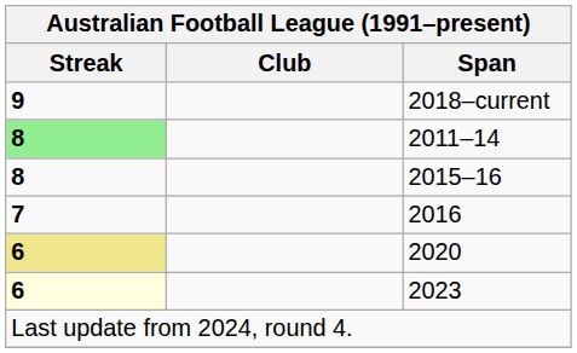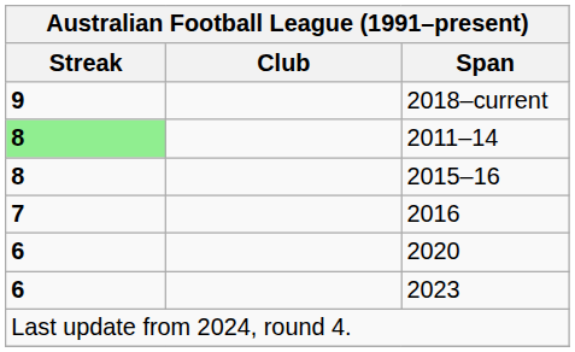 <table class="wikitable">
 <tr>
 <th colspan=3>Australian Football League (1991–present)</th>
 </tr>
 <tr>
 <th style="width:100px;">Streak</th>
 <th style="width:150px;">Club</th>
 <th style="width:105px;">Span</th>
 </tr>
 <tr>
 <td><strong>9</strong></td>
 <td></td>
 <td>2018–current</td>
 </tr>
 <tr>
 <td style="background: lightgreen;"><strong>8</strong></td>
 <td></td>
 <td>2011–14</td>
 </tr>
 <tr>
 <td><strong>8</strong></td>
 <td></td>
 <td>2015–16</td>
 </tr>
 <tr>
 <td><strong>7</strong></td>
 <td></td>
 <td>2016</td>
 </tr>
 <tr>
-<td style="background: khaki;"><strong>6</strong></td>
+<td><strong>6</strong></td>
 <td></td>
 <td>2020</td>
 </tr>
 <tr>
-<td style="background: lightyellow;"><strong>6</strong></td>
+<td><strong>6</strong></td>
 <td></td>
 <td>2023</td>
 </tr>
 <tr>
 <td colspan="4">Last update from 2024, round 4.</td>
 </tr>
 <tr>
 </tr>
 </table>
